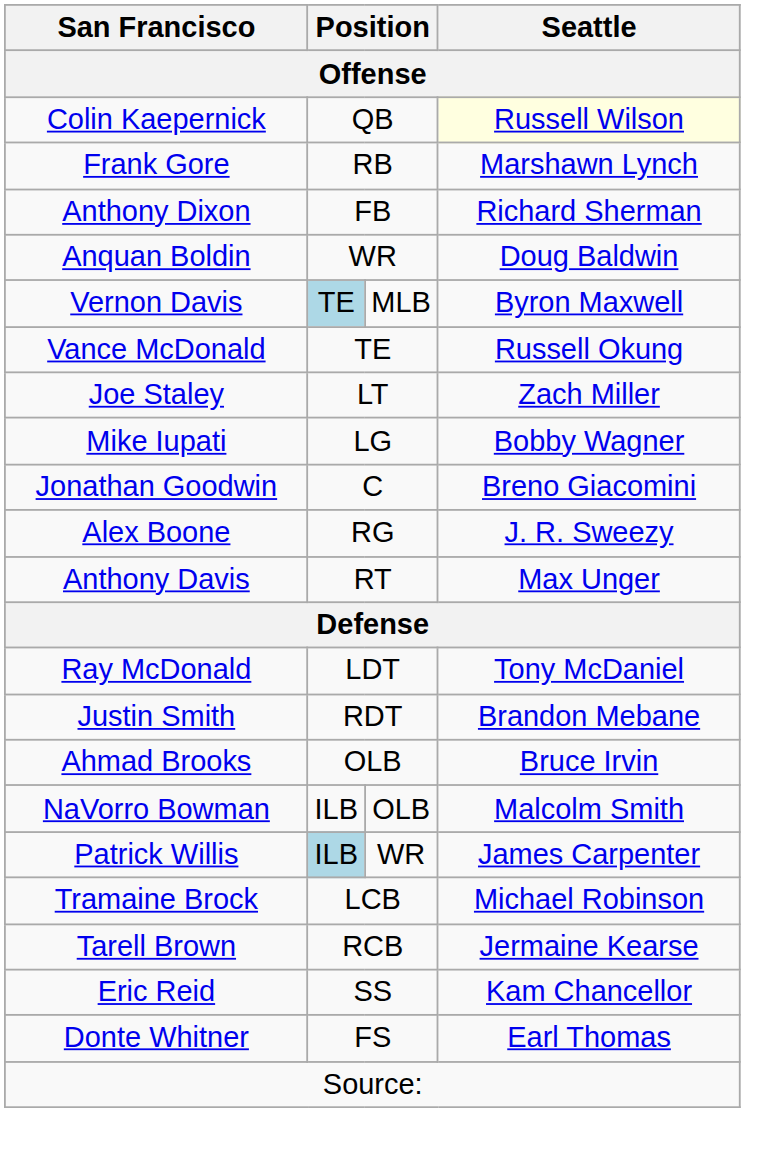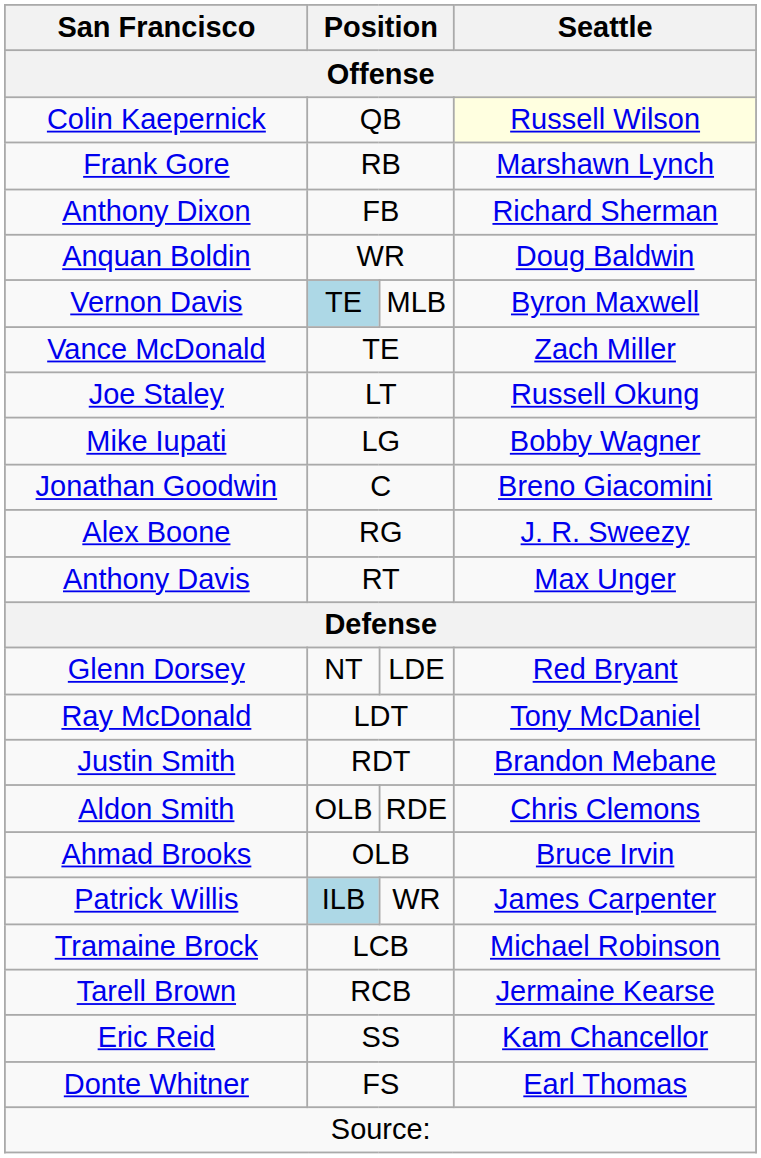 <table class="wikitable" style="text-align:center">
 <tr>
 <th style="width:160px">San Francisco</th>
 <th colspan="2">Position</th>
 <th style="width:160px">Seattle</th>
 </tr>
 <tr>
 <th colspan="4" style="text-align:center">Offense</th>
 </tr>
 <tr>
 <td><a href='#'>Colin Kaepernick</a></td>
 <td colspan="2" style="text-align:center">QB</td>
 <td style="background: lightyellow;"><a href='#'>Russell Wilson</a></td>
 </tr>
 <tr>
 <td><a href='#'>Frank Gore</a></td>
 <td colspan="2" style="text-align:center">RB</td>
 <td><a href='#'>Marshawn Lynch</a></td>
 </tr>
 <tr>
 <td><a href='#'>Anthony Dixon</a></td>
 <td colspan="2" style="text-align:center">FB</td>
 <td><a href='#'>Richard Sherman</a></td>
 </tr>
 <tr>
 <td><a href='#'>Anquan Boldin</a></td>
 <td colspan="2" style="text-align:center">WR</td>
 <td><a href='#'>Doug Baldwin</a></td>
 </tr>
 <tr>
 <td><a href='#'>Vernon Davis</a></td>
 <td style="background: lightblue; text-align:center">TE</td>
 <td style="text-align:center">MLB</td>
 <td><a href='#'>Byron Maxwell</a></td>
 </tr>
 <tr>
 <td><a href='#'>Vance McDonald</a></td>
 <td colspan="2" style="text-align:center">TE</td>
-<td><a href='#'>Russell Okung</a></td>
+<td><a href='#'>Zach Miller</a></td>
 </tr>
 <tr>
 <td><a href='#'>Joe Staley</a></td>
 <td colspan="2" style="text-align:center">LT</td>
-<td><a href='#'>Zach Miller</a></td>
+<td><a href='#'>Russell Okung</a></td>
 </tr>
 <tr>
 <td><a href='#'>Mike Iupati</a></td>
 <td colspan="2" style="text-align:center">LG</td>
 <td><a href='#'>Bobby Wagner</a></td>
 </tr>
 <tr>
 <td><a href='#'>Jonathan Goodwin</a></td>
 <td colspan="2" style="text-align:center">C</td>
 <td><a href='#'>Breno Giacomini</a></td>
 </tr>
 <tr>
 <td><a href='#'>Alex Boone</a></td>
 <td colspan="2" style="text-align:center">RG</td>
 <td><a href='#'>J. R. Sweezy</a></td>
 </tr>
 <tr>
 <td><a href='#'>Anthony Davis</a></td>
 <td colspan="2" style="text-align:center">RT</td>
 <td><a href='#'>Max Unger</a></td>
 </tr>
 <tr>
 <th colspan="4" style="text-align:center">Defense</th>
 </tr>
 <tr>
+<td><a href='#'>Glenn Dorsey</a></td>
+<td style="text-align:center">NT</td>
+<td style="text-align:center">LDE</td>
+<td><a href='#'>Red Bryant</a></td>
+</tr>
+<tr>
 <td><a href='#'>Ray McDonald</a></td>
 <td colspan="2" style="text-align:center">LDT</td>
 <td><a href='#'>Tony McDaniel</a></td>
 </tr>
 <tr>
 <td><a href='#'>Justin Smith</a></td>
 <td colspan="2" style="text-align:center">RDT</td>
 <td><a href='#'>Brandon Mebane</a></td>
 </tr>
 <tr>
+<td><a href='#'>Aldon Smith</a></td>
+<td style="text-align:center">OLB</td>
+<td style="text-align:center">RDE</td>
+<td><a href='#'>Chris Clemons</a></td>
+</tr>
+<tr>
 <td><a href='#'>Ahmad Brooks</a></td>
 <td colspan="2" style="text-align:center">OLB</td>
 <td><a href='#'>Bruce Irvin</a></td>
-</tr>
-<tr>
-<td><a href='#'>NaVorro Bowman</a></td>
-<td style="text-align:center">ILB</td>
-<td style="text-align:center">OLB</td>
-<td><a href='#'>Malcolm Smith</a></td>
 </tr>
 <tr>
 <td><a href='#'>Patrick Willis</a></td>
 <td style="background: lightblue; text-align:center">ILB</td>
 <td style="text-align:center">WR</td>
 <td><a href='#'>James Carpenter</a></td>
 </tr>
 <tr>
 <td><a href='#'>Tramaine Brock</a></td>
 <td colspan="2" style="text-align:center">LCB</td>
 <td><a href='#'>Michael Robinson</a></td>
 </tr>
 <tr>
 <td><a href='#'>Tarell Brown</a></td>
 <td colspan="2" style="text-align:center">RCB</td>
 <td><a href='#'>Jermaine Kearse</a></td>
 </tr>
 <tr>
 <td><a href='#'>Eric Reid</a></td>
 <td colspan="2" style="text-align:center">SS</td>
 <td><a href='#'>Kam Chancellor</a></td>
 </tr>
 <tr>
 <td><a href='#'>Donte Whitner</a></td>
 <td colspan="2" style="text-align:center">FS</td>
 <td><a href='#'>Earl Thomas</a></td>
 </tr>
 <tr>
 <td colspan="4">Source:</td>
 </tr>
 </table>
